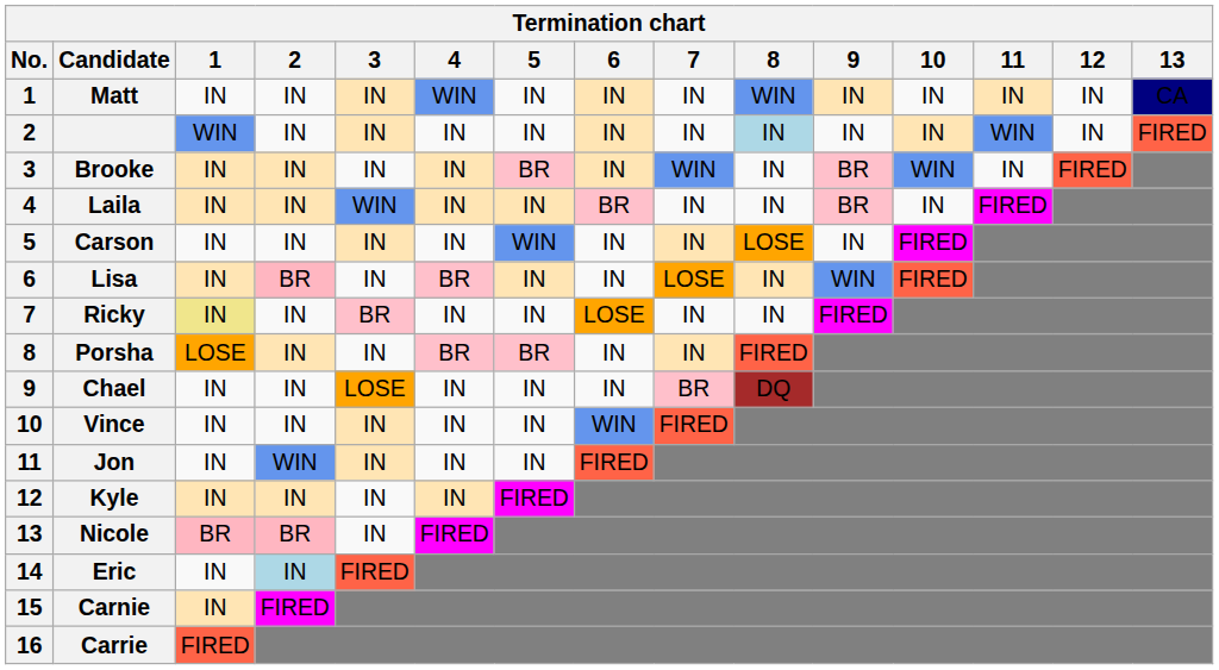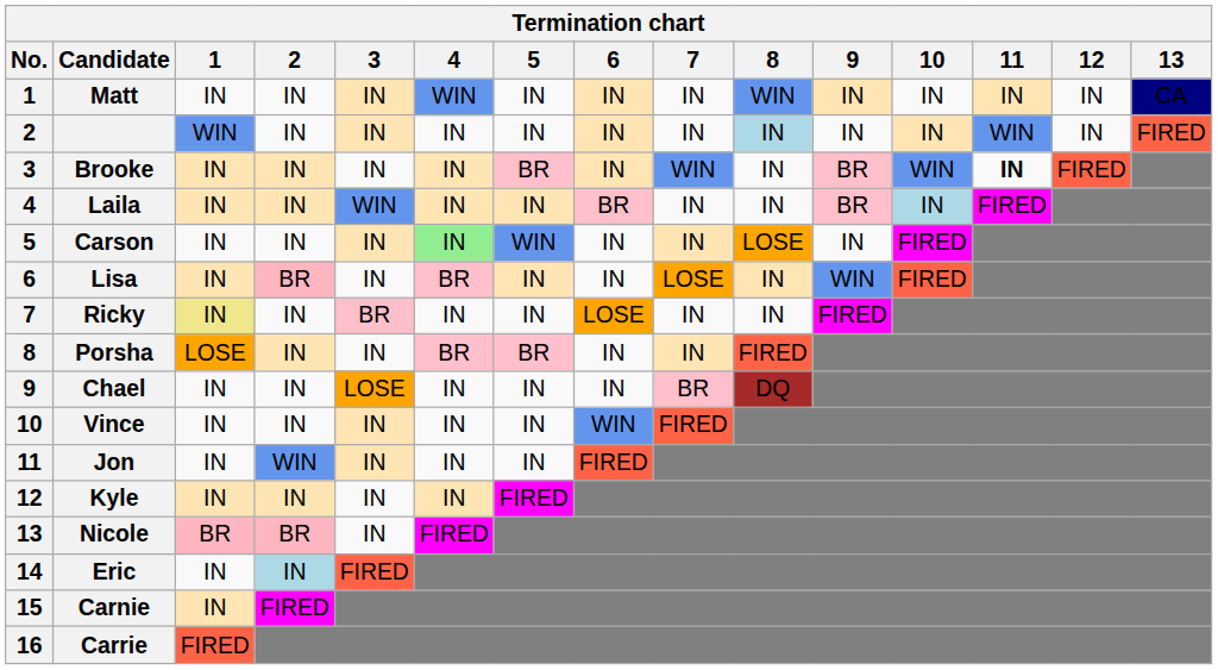 <table class="wikitable" style="text-align:center">
 <tr>
 <th colspan="15">Termination chart</th>
 </tr>
 <tr>
 <th>No.</th>
 <th>Candidate</th>
 <th>1</th>
 <th>2</th>
 <th>3</th>
 <th>4</th>
 <th>5</th>
 <th>6</th>
 <th>7</th>
 <th>8</th>
 <th>9</th>
 <th>10</th>
 <th>11</th>
 <th>12</th>
 <th>13</th>
 </tr>
 <tr>
 <th>1</th>
 <th>Matt</th>
 <td>IN</td>
 <td>IN</td>
 <td style="background:#FFE5B4;">IN</td>
 <td style="background:cornflowerblue;">WIN</td>
 <td>IN</td>
 <td style="background:#FFE5B4;">IN</td>
 <td>IN</td>
 <td style="background:cornflowerblue;">WIN</td>
 <td style="background:#FFE5B4;">IN</td>
 <td>IN</td>
 <td style="background:#FFE5B4;">IN</td>
 <td>IN</td>
 <td style="background:navy;"><span> CA </span></td>
 </tr>
 <tr>
 <th>2</th>
 <th></th>
 <td style="background:cornflowerblue;">WIN</td>
 <td>IN</td>
 <td style="background:#FFE5B4;">IN</td>
 <td>IN</td>
 <td>IN</td>
 <td style="background:#FFE5B4;">IN</td>
 <td>IN</td>
 <td style="background:lightblue;">IN</td>
 <td>IN</td>
 <td style="background:#FFE5B4;">IN</td>
 <td style="background:cornflowerblue;">WIN</td>
 <td>IN</td>
 <td style="background:tomato;">FIRED</td>
 </tr>
 <tr>
 <th>3</th>
 <th>Brooke</th>
 <td style="background:#FFE5B4;">IN</td>
 <td style="background:#FFE5B4;">IN</td>
 <td>IN</td>
 <td style="background:#FFE5B4;">IN</td>
 <td style="background:pink;">BR</td>
 <td style="background:#FFE5B4;">IN</td>
 <td style="background:cornflowerblue;">WIN</td>
 <td>IN</td>
 <td style="background:pink;">BR</td>
 <td style="background:cornflowerblue;">WIN</td>
-<td>IN</td>
+<td><strong>IN</strong></td>
 <td style="background:tomato;">FIRED</td>
 <td colspan="1" style="background:gray;"></td>
 </tr>
 <tr>
 <th>4</th>
 <th>Laila</th>
 <td style="background:#FFE5B4;">IN</td>
 <td style="background:#FFE5B4;">IN</td>
 <td style="background:cornflowerblue;">WIN</td>
 <td style="background:#FFE5B4;">IN</td>
 <td style="background:#FFE5B4;">IN</td>
 <td style="background:pink;">BR</td>
 <td>IN</td>
 <td>IN</td>
 <td style="background:pink;">BR</td>
-<td>IN</td>
+<td style="background: lightblue;">IN</td>
 <td style="background:magenta;">FIRED</td>
 <td colspan="2" style="background:gray;"></td>
 </tr>
 <tr>
 <th>5</th>
 <th>Carson</th>
 <td>IN</td>
 <td>IN</td>
 <td style="background:#FFE5B4;">IN</td>
-<td>IN</td>
+<td style="background: lightgreen;">IN</td>
 <td style="background:cornflowerblue;">WIN</td>
 <td>IN</td>
 <td style="background:#FFE5B4;">IN</td>
 <td style="background:orange;">LOSE</td>
 <td>IN</td>
 <td style="background:magenta;">FIRED</td>
 <td colspan="3" style="background:gray;"></td>
 </tr>
 <tr>
 <th>6</th>
 <th>Lisa</th>
 <td style="background:#FFE5B4;">IN</td>
 <td style="background:lightpink;">BR</td>
 <td>IN</td>
 <td style="background:pink;">BR</td>
 <td style="background:#FFE5B4;">IN</td>
 <td>IN</td>
 <td style="background:orange;">LOSE</td>
 <td style="background:#FFE5B4;">IN</td>
 <td style="background:cornflowerblue;">WIN</td>
 <td style="background:tomato;">FIRED</td>
 <td colspan="3" style="background:gray;"></td>
 </tr>
 <tr>
 <th>7</th>
 <th>Ricky</th>
 <td style="background: khaki;">IN</td>
 <td>IN</td>
 <td style="background:pink;">BR</td>
 <td>IN</td>
 <td>IN</td>
 <td style="background:orange;">LOSE</td>
 <td>IN</td>
 <td>IN</td>
 <td style="background:magenta;">FIRED</td>
 <td colspan="4" style="background:gray;"></td>
 </tr>
 <tr>
 <th>8</th>
 <th>Porsha</th>
 <td style="background:orange;">LOSE</td>
 <td style="background:#FFE5B4;">IN</td>
 <td>IN</td>
 <td style="background:pink;">BR</td>
 <td style="background:pink;">BR</td>
 <td>IN</td>
 <td style="background:#FFE5B4;">IN</td>
 <td style="background:tomato;">FIRED</td>
 <td colspan="5" style="background:gray;"></td>
 </tr>
 <tr>
 <th>9</th>
 <th>Chael</th>
 <td>IN</td>
 <td>IN</td>
 <td style="background:orange;">LOSE</td>
 <td>IN</td>
 <td>IN</td>
 <td>IN</td>
 <td style="background:pink;">BR</td>
 <td style="background:brown;"><span>DQ</span></td>
 <td colspan="5" style="background:gray;"></td>
 </tr>
 <tr>
 <th>10</th>
 <th>Vince</th>
 <td>IN</td>
 <td>IN</td>
 <td style="background:#FFE5B4;">IN</td>
 <td>IN</td>
 <td>IN</td>
 <td style="background:cornflowerblue;">WIN</td>
 <td style="background:tomato;">FIRED</td>
 <td colspan="6" style="background:gray;"></td>
 </tr>
 <tr>
 <th>11</th>
 <th>Jon</th>
 <td>IN</td>
 <td style="background:cornflowerblue;">WIN</td>
 <td style="background:#FFE5B4;">IN</td>
 <td>IN</td>
 <td>IN</td>
 <td style="background:tomato;">FIRED</td>
 <td colspan="7" style="background:gray;"></td>
 </tr>
 <tr>
 <th>12</th>
 <th>Kyle</th>
 <td style="background:#FFE5B4;">IN</td>
 <td style="background:#FFE5B4;">IN</td>
 <td>IN</td>
 <td style="background:#FFE5B4;">IN</td>
 <td style="background:magenta;">FIRED</td>
 <td colspan="8" style="background:gray;"></td>
 </tr>
 <tr>
 <th>13</th>
 <th>Nicole</th>
 <td style="background:lightpink;">BR</td>
 <td style="background:lightpink;">BR</td>
 <td>IN</td>
 <td style="background:magenta;">FIRED</td>
 <td colspan="9" style="background:gray;"></td>
 </tr>
 <tr>
 <th>14</th>
 <th>Eric</th>
 <td>IN</td>
 <td style="background:lightblue;">IN</td>
 <td style="background:tomato;">FIRED</td>
 <td colspan="10" style="background:gray;"></td>
 </tr>
 <tr>
 <th>15</th>
 <th>Carnie</th>
 <td style="background:#FFE5B4;">IN</td>
 <td style="background:magenta;">FIRED</td>
 <td colspan="11" style="background:gray;"></td>
 </tr>
 <tr>
 <th>16</th>
 <th>Carrie</th>
 <td style="background:tomato;">FIRED</td>
 <td colspan="12" style="background:gray;"></td>
 </tr>
 </table>
